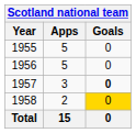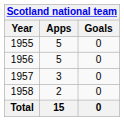 <table class="wikitable" style="text-align:center">
 <tr>
 <th colspan=3><a href='#'>Scotland national team</a></th>
 </tr>
 <tr>
 <th>Year</th>
 <th>Apps</th>
 <th>Goals</th>
 </tr>
 <tr>
 <td>1955</td>
 <td>5</td>
 <td>0</td>
 </tr>
 <tr>
 <td>1956</td>
 <td>5</td>
 <td>0</td>
 </tr>
 <tr>
 <td>1957</td>
 <td>3</td>
-<td><strong>0</strong></td>
+<td>0</td>
 </tr>
 <tr>
 <td>1958</td>
 <td>2</td>
-<td style="background: gold;">0</td>
+<td>0</td>
 </tr>
 <tr>
 <th>Total</th>
 <th>15</th>
 <th>0</th>
 </tr>
 </table>
